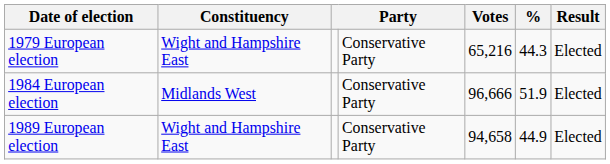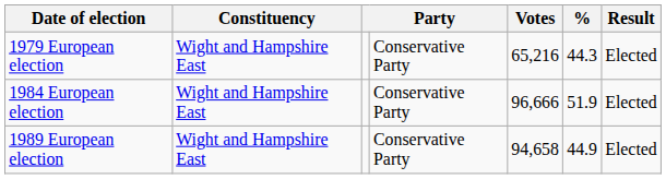 <table class="wikitable">
 <tr>
 <th>Date of election</th>
 <th>Constituency</th>
 <th colspan="2">Party</th>
 <th>Votes</th>
 <th>%</th>
 <th>Result</th>
 </tr>
 <tr>
 <td><a href='#'>1979 European election</a></td>
 <td><a href='#'>Wight and Hampshire East</a></td>
 <td style="background-color: "></td>
 <td>Conservative Party</td>
 <td>65,216</td>
 <td>44.3</td>
 <td>Elected</td>
 </tr>
 <tr>
 <td><a href='#'>1984 European election</a></td>
-<td><a href='#'>Midlands West</a></td>
+<td><a href='#'>Wight and Hampshire East</a></td>
 <td style="background-color: "></td>
 <td>Conservative Party</td>
 <td>96,666</td>
 <td>51.9</td>
 <td>Elected</td>
 </tr>
 <tr>
 <td><a href='#'>1989 European election</a></td>
 <td><a href='#'>Wight and Hampshire East</a></td>
 <td style="background-color: "></td>
 <td>Conservative Party</td>
 <td>94,658</td>
 <td>44.9</td>
 <td>Elected</td>
 </tr>
 </table>
